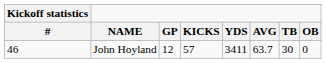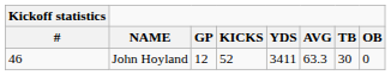 <table class="wikitable collapsible">
 <tr>
 <th style="text-align:center; ">Kickoff statistics</th>
 </tr>
 <tr>
 <th>#</th>
 <th>NAME</th>
 <th>GP</th>
 <th>KICKS</th>
 <th>YDS</th>
 <th>AVG</th>
 <th>TB</th>
 <th>OB</th>
 </tr>
 <tr>
 <td>46</td>
 <td>John Hoyland</td>
 <td>12</td>
-<td>57</td>
+<td>52</td>
 <td>3411</td>
-<td>63.7</td>
+<td>63.3</td>
 <td>30</td>
 <td>0</td>
 </tr>
 </table>
